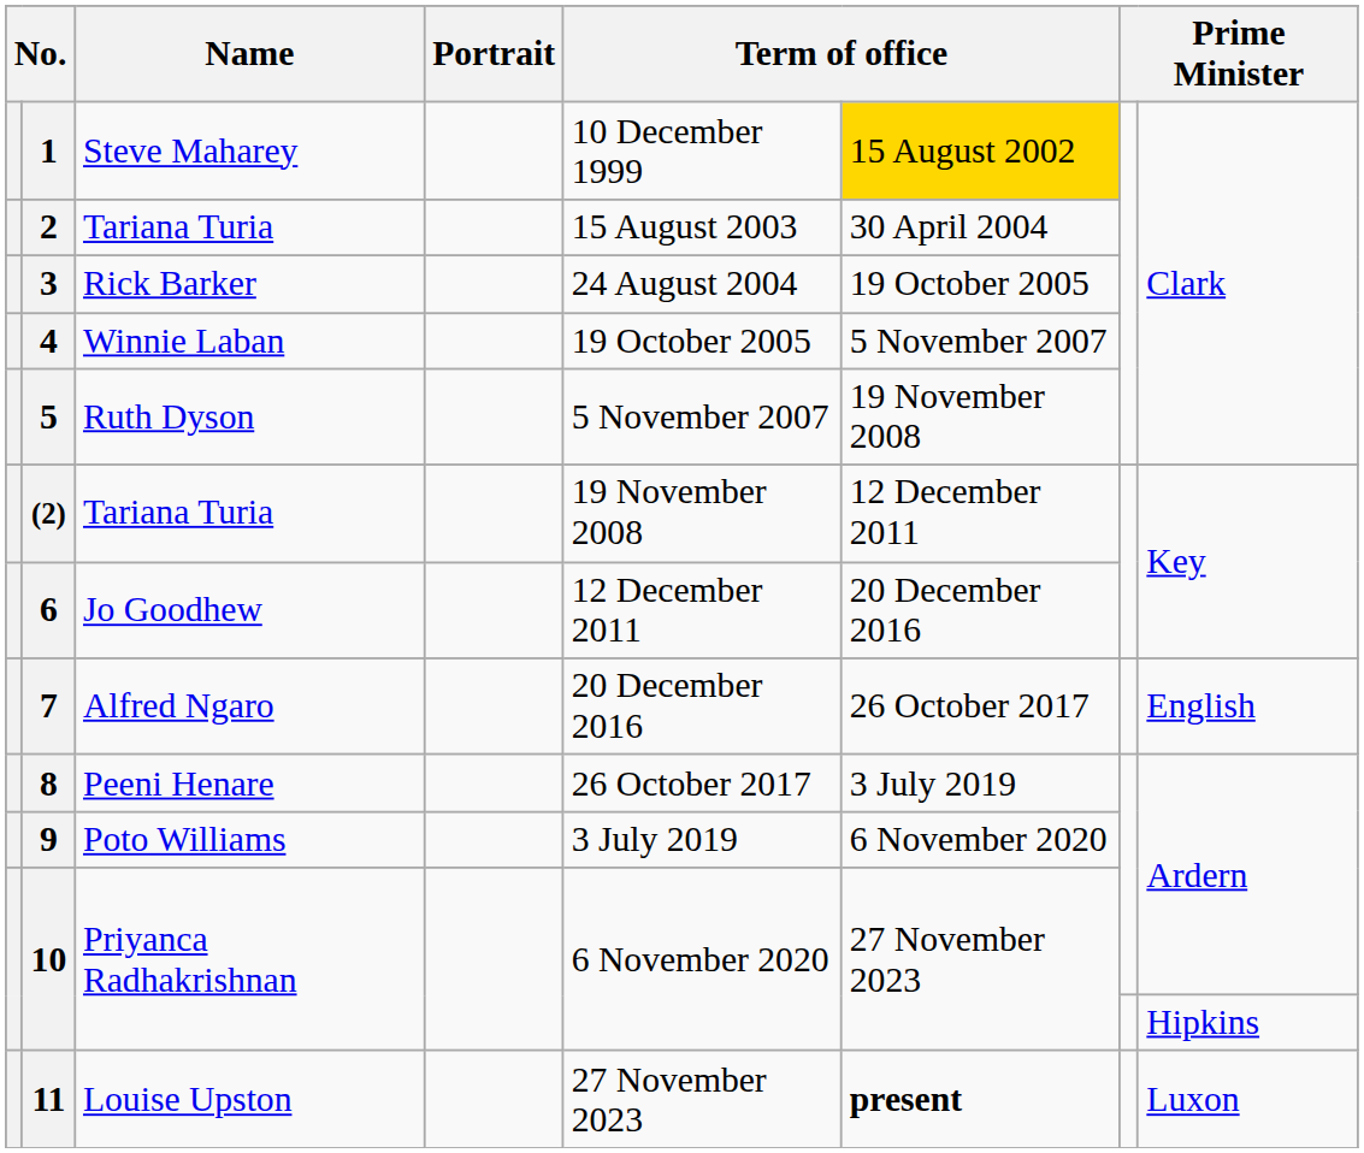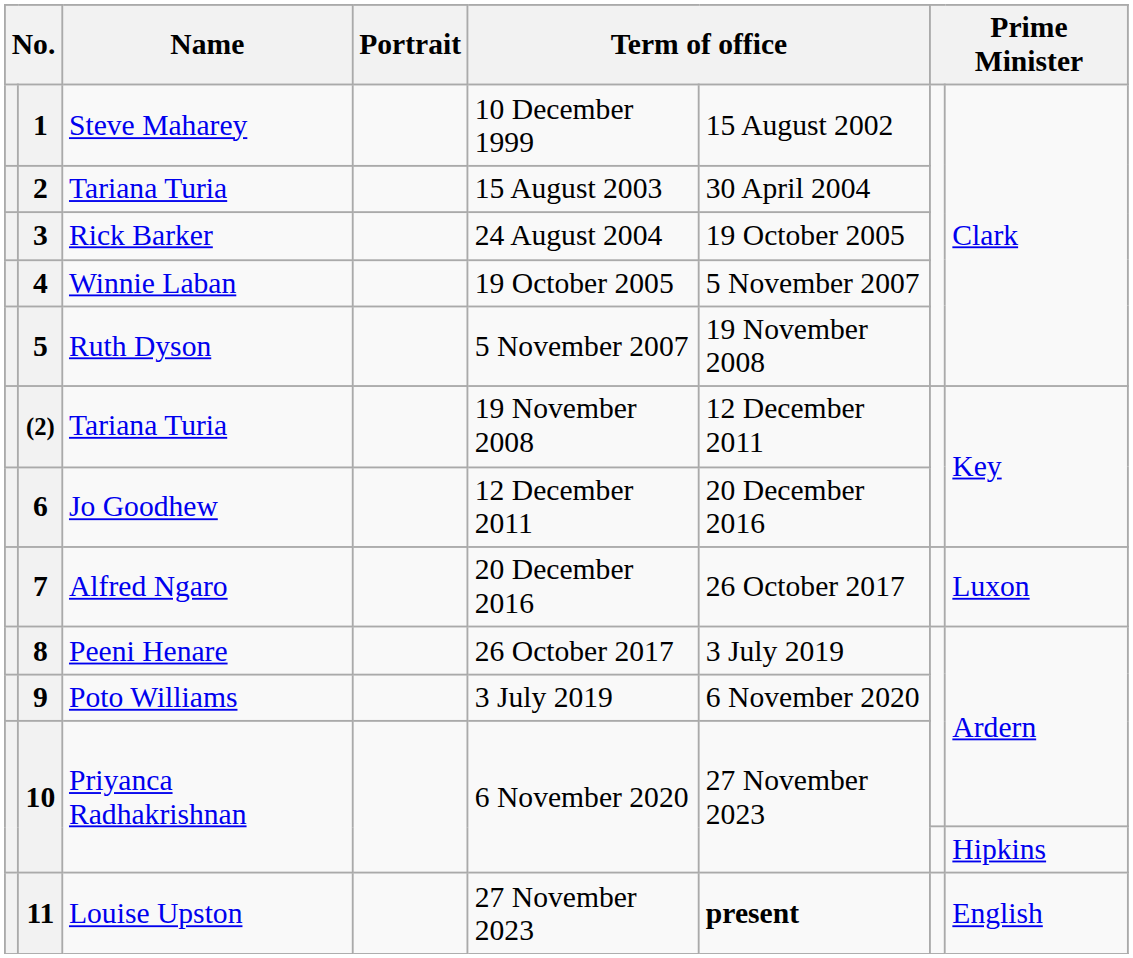 <table class="wikitable">
 <tr>
 <th colspan=2>No.</th>
 <th>Name</th>
 <th>Portrait</th>
 <th colspan=2>Term of office</th>
 <th colspan=2>Prime Minister</th>
 </tr>
 <tr>
 <th style="color:inherit;background:"></th>
 <th>1</th>
 <td><a href='#'>Steve Maharey</a></td>
 <td></td>
 <td>10 December 1999</td>
-<td style="background: gold;">15 August 2002</td>
+<td>15 August 2002</td>
 <td rowspan=5 width=1 style="color:inherit;background:"></td>
 <td rowspan=5><a href='#'>Clark</a></td>
 </tr>
 <tr>
 <th style="color:inherit;background:"></th>
 <th>2</th>
 <td><a href='#'>Tariana Turia</a></td>
 <td></td>
 <td>15 August 2003</td>
 <td>30 April 2004</td>
 </tr>
 <tr>
 <th style="color:inherit;background:"></th>
 <th>3</th>
 <td><a href='#'>Rick Barker</a></td>
 <td></td>
 <td>24 August 2004</td>
 <td>19 October 2005</td>
 </tr>
 <tr>
 <th style="color:inherit;background:"></th>
 <th>4</th>
 <td><a href='#'>Winnie Laban</a></td>
 <td></td>
 <td>19 October 2005</td>
 <td>5 November 2007</td>
 </tr>
 <tr>
 <th style="color:inherit;background:"></th>
 <th>5</th>
 <td><a href='#'>Ruth Dyson</a></td>
 <td></td>
 <td>5 November 2007</td>
 <td>19 November 2008</td>
 </tr>
 <tr>
 <th style="color:inherit;background:"></th>
 <th><small>(2)</small></th>
 <td><a href='#'>Tariana Turia</a></td>
 <td></td>
 <td>19 November 2008</td>
 <td>12 December 2011</td>
 <td rowspan="2" style="color:inherit;background:"></td>
 <td rowspan="2"><a href='#'>Key</a></td>
 </tr>
 <tr>
 <th style="color:inherit;background:"></th>
 <th>6</th>
 <td><a href='#'>Jo Goodhew</a></td>
 <td></td>
 <td>12 December 2011</td>
 <td>20 December 2016</td>
 </tr>
 <tr>
 <th style="color:inherit;background:"></th>
 <th>7</th>
 <td><a href='#'>Alfred Ngaro</a></td>
 <td></td>
 <td>20 December 2016</td>
 <td>26 October 2017</td>
 <td style="color:inherit;background:"></td>
-<td><a href='#'>English</a></td>
+<td><a href='#'>Luxon</a></td>
 </tr>
 <tr>
 <th style="color:inherit;background:"></th>
 <th>8</th>
 <td><a href='#'>Peeni Henare</a></td>
 <td></td>
 <td>26 October 2017</td>
 <td>3 July 2019</td>
 <td rowspan=3 style="color:inherit;background:"></td>
 <td rowspan=3><a href='#'>Ardern</a></td>
 </tr>
 <tr>
 <th style="color:inherit;background:"></th>
 <th>9</th>
 <td><a href='#'>Poto Williams</a></td>
 <td></td>
 <td>3 July 2019</td>
 <td>6 November 2020</td>
 </tr>
 <tr>
 <th height=50 style="border-bottom:solid 0 grey; background:"></th>
 <th rowspan="2">10</th>
 <td rowspan="2"><a href='#'>Priyanca Radhakrishnan</a></td>
 <td rowspan="2"></td>
 <td rowspan="2">6 November 2020</td>
 <td rowspan="2">27 November 2023</td>
 </tr>
 <tr>
 <th height=15 style="border-top:solid 0 grey; background:"></th>
 <td style="color:inherit;background:"></td>
 <td><a href='#'>Hipkins</a></td>
 </tr>
 <tr>
 <th style="color:inherit;background:"></th>
 <th>11</th>
 <td><a href='#'>Louise Upston</a></td>
 <td></td>
 <td>27 November 2023</td>
 <td><strong>present</strong></td>
 <td style="color:inherit;background:"></td>
-<td><a href='#'>Luxon</a></td>
+<td><a href='#'>English</a></td>
 </tr>
 </table>
